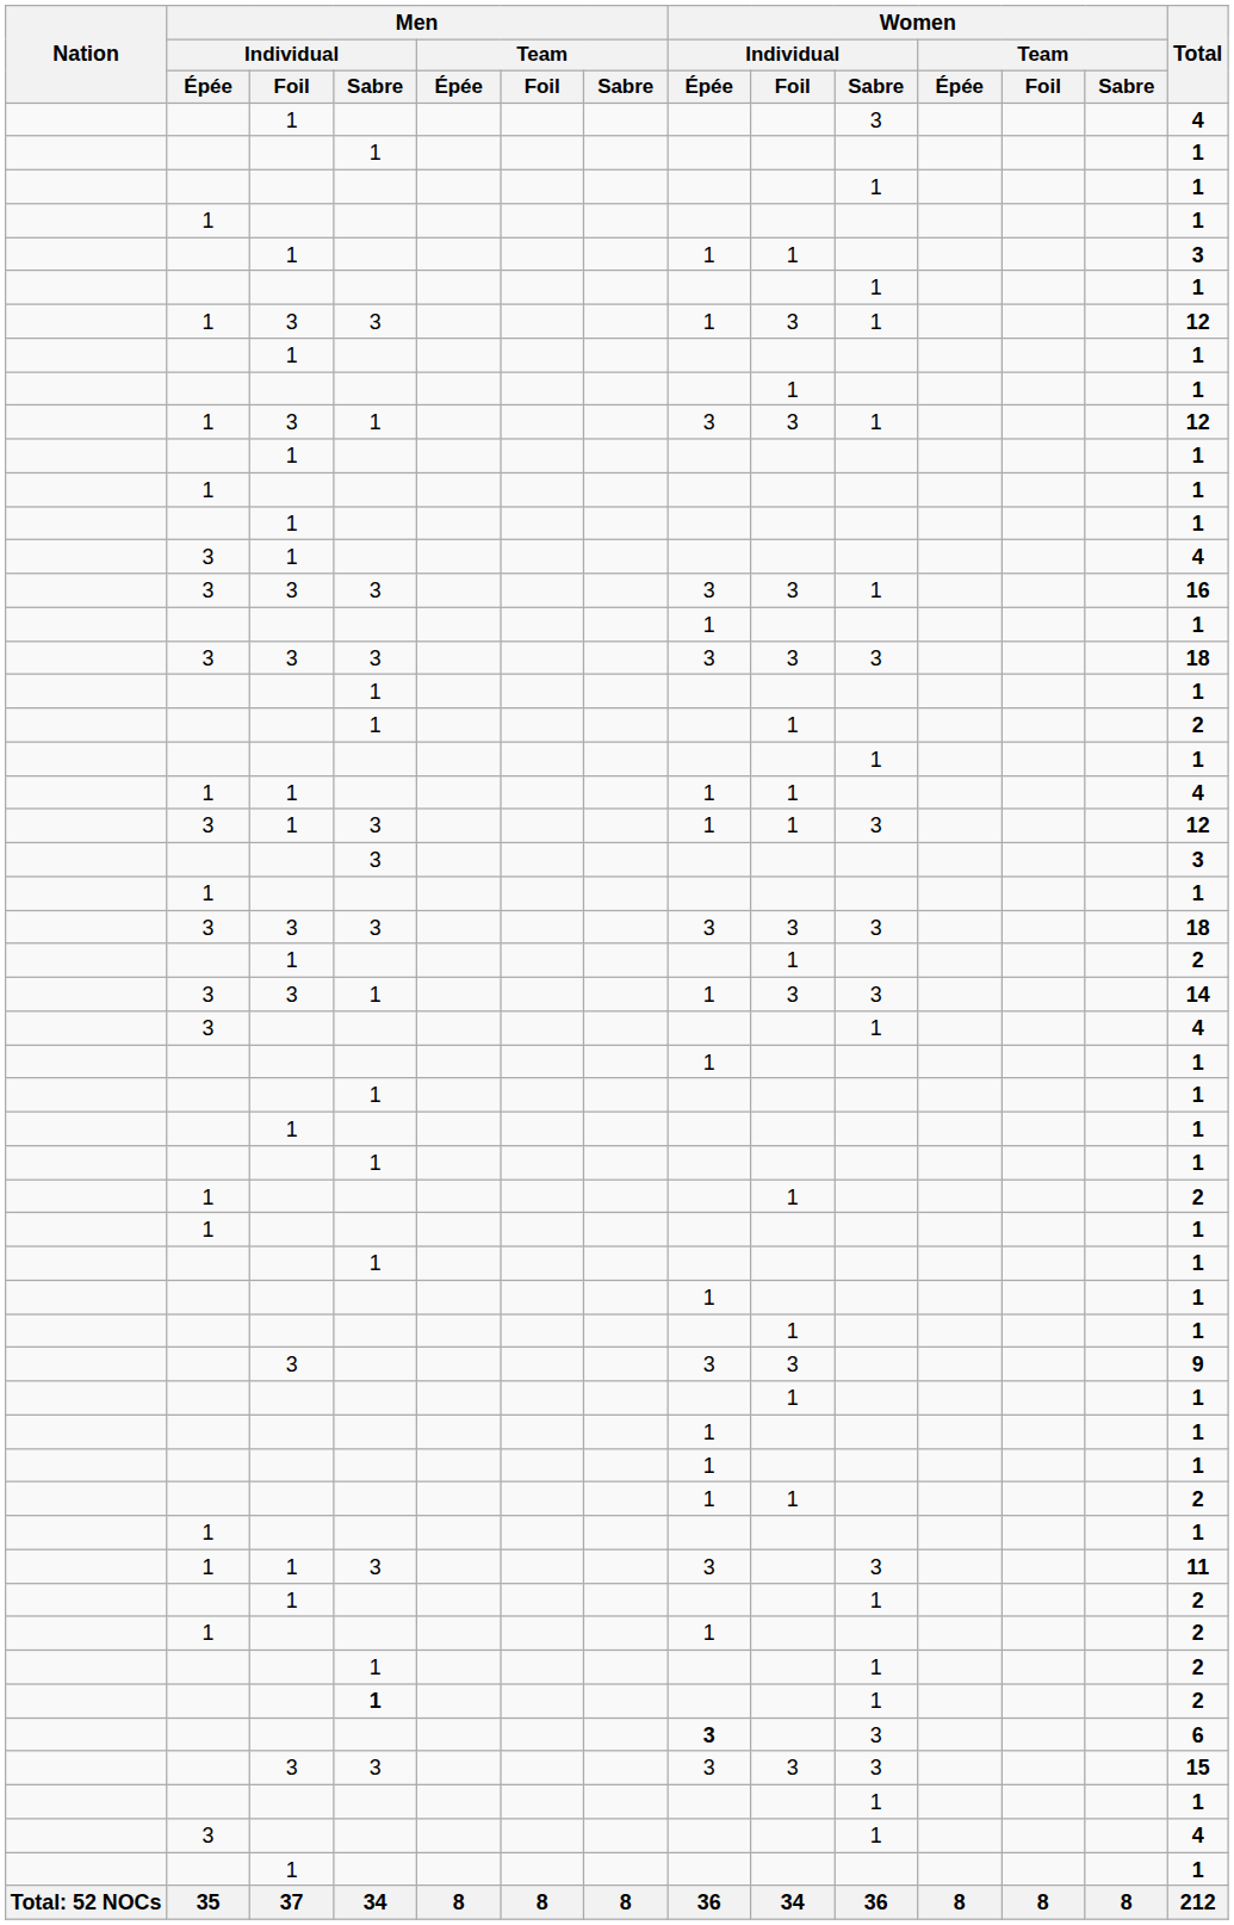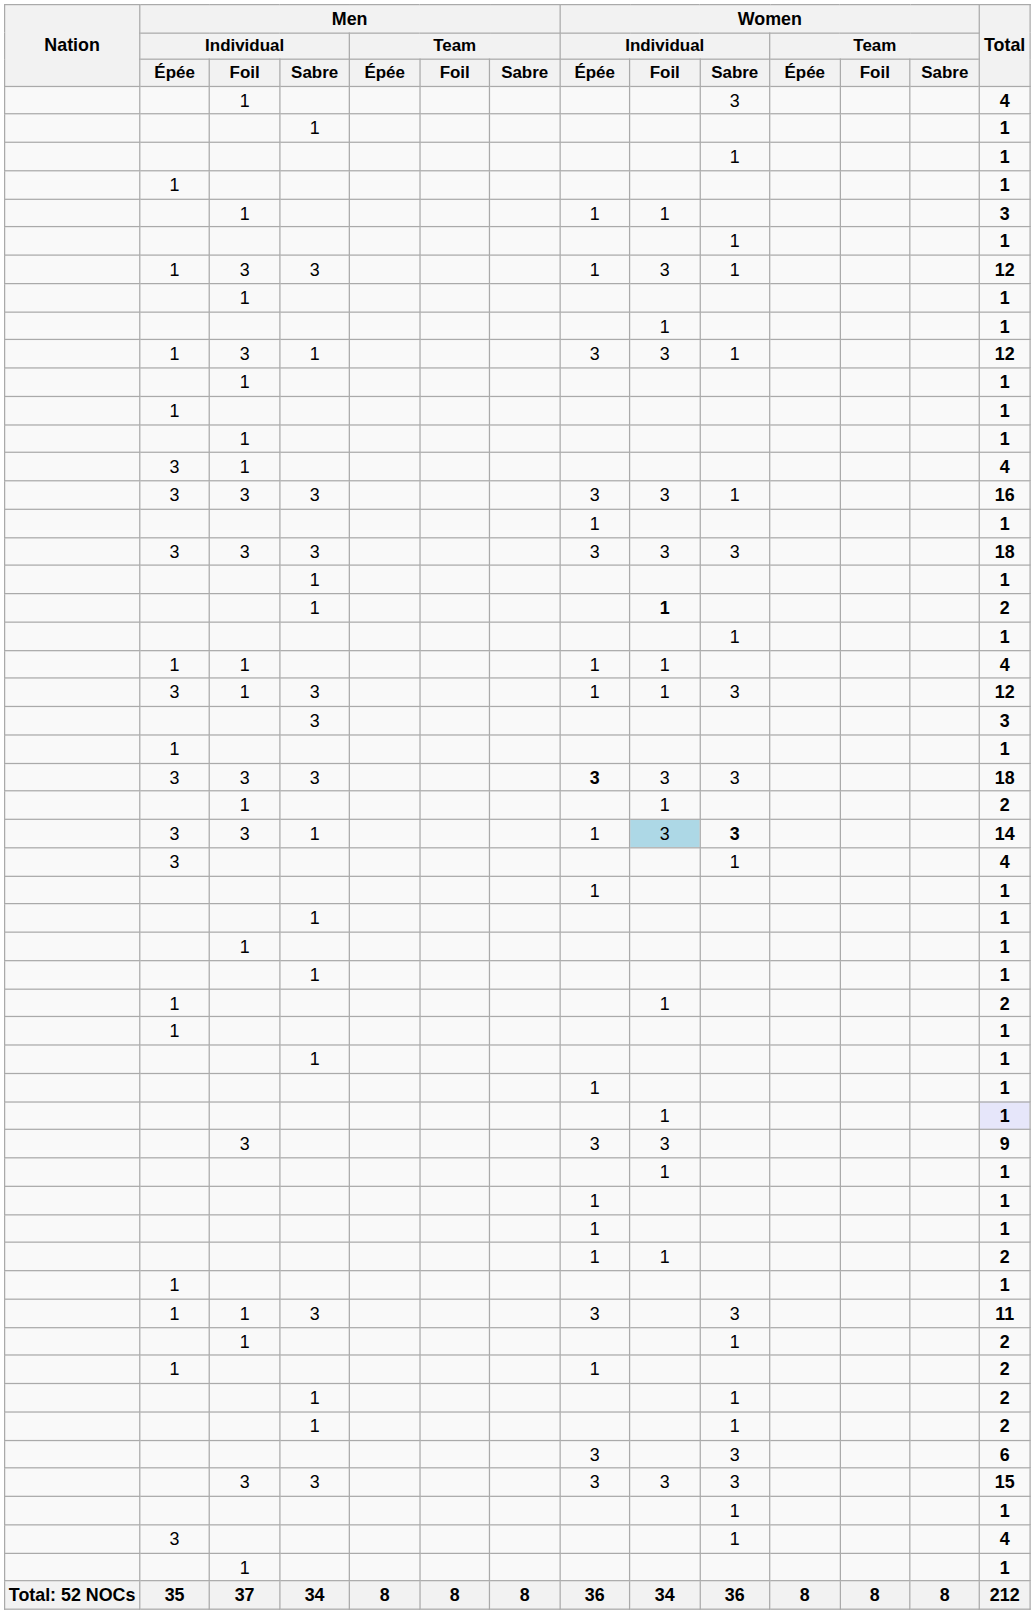 <table class="wikitable sortable"  style="text-align:center; font-size:90%;">
 <tr>
 <th rowspan="3">Nation</th>
 <th colspan="6">Men</th>
 <th colspan="6">Women</th>
 <th rowspan="3">Total</th>
 </tr>
 <tr style="font-size:95%">
 <th colspan=3>Individual</th>
 <th colspan=3>Team</th>
 <th colspan=3>Individual</th>
 <th colspan=3>Team</th>
 </tr>
 <tr style="font-size:95%">
 <th width=50>Épée</th>
 <th width=50>Foil</th>
 <th width=50>Sabre</th>
 <th width=50>Épée</th>
 <th width=50>Foil</th>
 <th width=50>Sabre</th>
 <th width=50>Épée</th>
 <th width=50>Foil</th>
 <th width=50>Sabre</th>
 <th width=50>Épée</th>
 <th width=50>Foil</th>
 <th width=50>Sabre</th>
 </tr>
 <tr>
 <td style="text-align:left;"></td>
 <td></td>
 <td>1</td>
 <td></td>
 <td></td>
 <td></td>
 <td></td>
 <td></td>
 <td></td>
 <td>3</td>
 <td></td>
 <td></td>
 <td></td>
 <td><strong>4</strong></td>
 </tr>
 <tr>
 <td style="text-align:left;"></td>
 <td></td>
 <td></td>
 <td>1</td>
 <td></td>
 <td></td>
 <td></td>
 <td></td>
 <td></td>
 <td></td>
 <td></td>
 <td></td>
 <td></td>
 <td><strong>1</strong></td>
 </tr>
 <tr>
 <td style="text-align:left;"></td>
 <td></td>
 <td></td>
 <td></td>
 <td></td>
 <td></td>
 <td></td>
 <td></td>
 <td></td>
 <td>1</td>
 <td></td>
 <td></td>
 <td></td>
 <td><strong>1</strong></td>
 </tr>
 <tr>
 <td style="text-align:left;"></td>
 <td>1</td>
 <td></td>
 <td></td>
 <td></td>
 <td></td>
 <td></td>
 <td></td>
 <td></td>
 <td></td>
 <td></td>
 <td></td>
 <td></td>
 <td><strong>1</strong></td>
 </tr>
 <tr>
 <td style="text-align:left;"></td>
 <td></td>
 <td>1</td>
 <td></td>
 <td></td>
 <td></td>
 <td></td>
 <td>1</td>
 <td>1</td>
 <td></td>
 <td></td>
 <td></td>
 <td></td>
 <td><strong>3</strong></td>
 </tr>
 <tr>
 <td style="text-align:left;"></td>
 <td></td>
 <td></td>
 <td></td>
 <td></td>
 <td></td>
 <td></td>
 <td></td>
 <td></td>
 <td>1</td>
 <td></td>
 <td></td>
 <td></td>
 <td><strong>1</strong></td>
 </tr>
 <tr>
 <td style="text-align:left;"></td>
 <td>1</td>
 <td>3</td>
 <td>3</td>
 <td></td>
 <td></td>
 <td></td>
 <td>1</td>
 <td>3</td>
 <td>1</td>
 <td></td>
 <td></td>
 <td></td>
 <td><strong>12</strong></td>
 </tr>
 <tr>
 <td style="text-align:left;"></td>
 <td></td>
 <td>1</td>
 <td></td>
 <td></td>
 <td></td>
 <td></td>
 <td></td>
 <td></td>
 <td></td>
 <td></td>
 <td></td>
 <td></td>
 <td><strong>1</strong></td>
 </tr>
 <tr>
 <td style="text-align:left;"></td>
 <td></td>
 <td></td>
 <td></td>
 <td></td>
 <td></td>
 <td></td>
 <td></td>
 <td>1</td>
 <td></td>
 <td></td>
 <td></td>
 <td></td>
 <td><strong>1</strong></td>
 </tr>
 <tr>
 <td style="text-align:left;"></td>
 <td>1</td>
 <td>3</td>
 <td>1</td>
 <td></td>
 <td></td>
 <td></td>
 <td>3</td>
 <td>3</td>
 <td>1</td>
 <td></td>
 <td></td>
 <td></td>
 <td><strong>12</strong></td>
 </tr>
 <tr>
 <td style="text-align:left;"></td>
 <td></td>
 <td>1</td>
 <td></td>
 <td></td>
 <td></td>
 <td></td>
 <td></td>
 <td></td>
 <td></td>
 <td></td>
 <td></td>
 <td></td>
 <td><strong>1</strong></td>
 </tr>
 <tr>
 <td style="text-align:left;"></td>
 <td>1</td>
 <td></td>
 <td></td>
 <td></td>
 <td></td>
 <td></td>
 <td></td>
 <td></td>
 <td></td>
 <td></td>
 <td></td>
 <td></td>
 <td><strong>1</strong></td>
 </tr>
 <tr>
 <td style="text-align:left;"></td>
 <td></td>
 <td>1</td>
 <td></td>
 <td></td>
 <td></td>
 <td></td>
 <td></td>
 <td></td>
 <td></td>
 <td></td>
 <td></td>
 <td></td>
 <td><strong>1</strong></td>
 </tr>
 <tr>
 <td style="text-align:left;"></td>
 <td>3</td>
 <td>1</td>
 <td></td>
 <td></td>
 <td></td>
 <td></td>
 <td></td>
 <td></td>
 <td></td>
 <td></td>
 <td></td>
 <td></td>
 <td><strong>4</strong></td>
 </tr>
 <tr>
 <td style="text-align:left;"></td>
 <td>3</td>
 <td>3</td>
 <td>3</td>
 <td></td>
 <td></td>
 <td></td>
 <td>3</td>
 <td>3</td>
 <td>1</td>
 <td></td>
 <td></td>
 <td></td>
 <td><strong>16</strong></td>
 </tr>
 <tr>
 <td style="text-align:left;"></td>
 <td></td>
 <td></td>
 <td></td>
 <td></td>
 <td></td>
 <td></td>
 <td>1</td>
 <td></td>
 <td></td>
 <td></td>
 <td></td>
 <td></td>
 <td><strong>1</strong></td>
 </tr>
 <tr>
 <td style="text-align:left;"></td>
 <td>3</td>
 <td>3</td>
 <td>3</td>
 <td></td>
 <td></td>
 <td></td>
 <td>3</td>
 <td>3</td>
 <td>3</td>
 <td></td>
 <td></td>
 <td></td>
 <td><strong>18</strong></td>
 </tr>
 <tr>
 <td style="text-align:left;"></td>
 <td></td>
 <td></td>
 <td>1</td>
 <td></td>
 <td></td>
 <td></td>
 <td></td>
 <td></td>
 <td></td>
 <td></td>
 <td></td>
 <td></td>
 <td><strong>1</strong></td>
 </tr>
 <tr>
 <td style="text-align:left;"></td>
 <td></td>
 <td></td>
 <td>1</td>
 <td></td>
 <td></td>
 <td></td>
 <td></td>
-<td>1</td>
+<td><strong>1</strong></td>
 <td></td>
 <td></td>
 <td></td>
 <td></td>
 <td><strong>2</strong></td>
 </tr>
 <tr>
 <td style="text-align:left;"></td>
 <td></td>
 <td></td>
 <td></td>
 <td></td>
 <td></td>
 <td></td>
 <td></td>
 <td></td>
 <td>1</td>
 <td></td>
 <td></td>
 <td></td>
 <td><strong>1</strong></td>
 </tr>
 <tr>
 <td style="text-align:left;"></td>
 <td>1</td>
 <td>1</td>
 <td></td>
 <td></td>
 <td></td>
 <td></td>
 <td>1</td>
 <td>1</td>
 <td></td>
 <td></td>
 <td></td>
 <td></td>
 <td><strong>4</strong></td>
 </tr>
 <tr>
 <td style="text-align:left;"></td>
 <td>3</td>
 <td>1</td>
 <td>3</td>
 <td></td>
 <td></td>
 <td></td>
 <td>1</td>
 <td>1</td>
 <td>3</td>
 <td></td>
 <td></td>
 <td></td>
 <td><strong>12</strong></td>
 </tr>
 <tr>
 <td style="text-align:left;"></td>
 <td></td>
 <td></td>
 <td>3</td>
 <td></td>
 <td></td>
 <td></td>
 <td></td>
 <td></td>
 <td></td>
 <td></td>
 <td></td>
 <td></td>
 <td><strong>3</strong></td>
 </tr>
 <tr>
 <td style="text-align:left;"></td>
 <td>1</td>
 <td></td>
 <td></td>
 <td></td>
 <td></td>
 <td></td>
 <td></td>
 <td></td>
 <td></td>
 <td></td>
 <td></td>
 <td></td>
 <td><strong>1</strong></td>
 </tr>
 <tr>
 <td style="text-align:left;"></td>
 <td>3</td>
 <td>3</td>
 <td>3</td>
 <td></td>
 <td></td>
 <td></td>
-<td>3</td>
+<td><strong>3</strong></td>
 <td>3</td>
 <td>3</td>
 <td></td>
 <td></td>
 <td></td>
 <td><strong>18</strong></td>
 </tr>
 <tr>
 <td style="text-align:left;"></td>
 <td></td>
 <td>1</td>
 <td></td>
 <td></td>
 <td></td>
 <td></td>
 <td></td>
 <td>1</td>
 <td></td>
 <td></td>
 <td></td>
 <td></td>
 <td><strong>2</strong></td>
 </tr>
 <tr>
 <td style="text-align:left;"></td>
 <td>3</td>
 <td>3</td>
 <td>1</td>
 <td></td>
 <td></td>
 <td></td>
 <td>1</td>
-<td>3</td>
-<td>3</td>
+<td style="background: lightblue;">3</td>
+<td><strong>3</strong></td>
 <td></td>
 <td></td>
 <td></td>
 <td><strong>14</strong></td>
 </tr>
 <tr>
 <td style="text-align:left;"></td>
 <td>3</td>
 <td></td>
 <td></td>
 <td></td>
 <td></td>
 <td></td>
 <td></td>
 <td></td>
 <td>1</td>
 <td></td>
 <td></td>
 <td></td>
 <td><strong>4</strong></td>
 </tr>
 <tr>
 <td style="text-align:left;"></td>
 <td></td>
 <td></td>
 <td></td>
 <td></td>
 <td></td>
 <td></td>
 <td>1</td>
 <td></td>
 <td></td>
 <td></td>
 <td></td>
 <td></td>
 <td><strong>1</strong></td>
 </tr>
 <tr>
 <td style="text-align:left;"></td>
 <td></td>
 <td></td>
 <td>1</td>
 <td></td>
 <td></td>
 <td></td>
 <td></td>
 <td></td>
 <td></td>
 <td></td>
 <td></td>
 <td></td>
 <td><strong>1</strong></td>
 </tr>
 <tr>
 <td style="text-align:left;"></td>
 <td></td>
 <td>1</td>
 <td></td>
 <td></td>
 <td></td>
 <td></td>
 <td></td>
 <td></td>
 <td></td>
 <td></td>
 <td></td>
 <td></td>
 <td><strong>1</strong></td>
 </tr>
 <tr>
 <td style="text-align:left;"></td>
 <td></td>
 <td></td>
 <td>1</td>
 <td></td>
 <td></td>
 <td></td>
 <td></td>
 <td></td>
 <td></td>
 <td></td>
 <td></td>
 <td></td>
 <td><strong>1</strong></td>
 </tr>
 <tr>
 <td style="text-align:left;"></td>
 <td>1</td>
 <td></td>
 <td></td>
 <td></td>
 <td></td>
 <td></td>
 <td></td>
 <td>1</td>
 <td></td>
 <td></td>
 <td></td>
 <td></td>
 <td><strong>2</strong></td>
 </tr>
 <tr>
 <td style="text-align:left;"></td>
 <td>1</td>
 <td></td>
 <td></td>
 <td></td>
 <td></td>
 <td></td>
 <td></td>
 <td></td>
 <td></td>
 <td></td>
 <td></td>
 <td></td>
 <td><strong>1</strong></td>
 </tr>
 <tr>
 <td style="text-align:left;"></td>
 <td></td>
 <td></td>
 <td>1</td>
 <td></td>
 <td></td>
 <td></td>
 <td></td>
 <td></td>
 <td></td>
 <td></td>
 <td></td>
 <td></td>
 <td><strong>1</strong></td>
 </tr>
 <tr>
 <td style="text-align:left;"></td>
 <td></td>
 <td></td>
 <td></td>
 <td></td>
 <td></td>
 <td></td>
 <td>1</td>
 <td></td>
 <td></td>
 <td></td>
 <td></td>
 <td></td>
 <td><strong>1</strong></td>
 </tr>
 <tr>
 <td style="text-align:left;"></td>
 <td></td>
 <td></td>
 <td></td>
 <td></td>
 <td></td>
 <td></td>
 <td></td>
 <td>1</td>
 <td></td>
 <td></td>
 <td></td>
 <td></td>
-<td><strong>1</strong></td>
+<td style="background: lavender;"><strong>1</strong></td>
 </tr>
 <tr>
 <td style="text-align:left;"></td>
 <td></td>
 <td>3</td>
 <td></td>
 <td></td>
 <td></td>
 <td></td>
 <td>3</td>
 <td>3</td>
 <td></td>
 <td></td>
 <td></td>
 <td></td>
 <td><strong>9</strong></td>
 </tr>
 <tr>
 <td style="text-align:left;"></td>
 <td></td>
 <td></td>
 <td></td>
 <td></td>
 <td></td>
 <td></td>
 <td></td>
 <td>1</td>
 <td></td>
 <td></td>
 <td></td>
 <td></td>
 <td><strong>1</strong></td>
 </tr>
 <tr>
 <td style="text-align:left;"></td>
 <td></td>
 <td></td>
 <td></td>
 <td></td>
 <td></td>
 <td></td>
 <td>1</td>
 <td></td>
 <td></td>
 <td></td>
 <td></td>
 <td></td>
 <td><strong>1</strong></td>
 </tr>
 <tr>
 <td style="text-align:left;"></td>
 <td></td>
 <td></td>
 <td></td>
 <td></td>
 <td></td>
 <td></td>
 <td>1</td>
 <td></td>
 <td></td>
 <td></td>
 <td></td>
 <td></td>
 <td><strong>1</strong></td>
 </tr>
 <tr>
 <td style="text-align:left;"></td>
 <td></td>
 <td></td>
 <td></td>
 <td></td>
 <td></td>
 <td></td>
 <td>1</td>
 <td>1</td>
 <td></td>
 <td></td>
 <td></td>
 <td></td>
 <td><strong>2</strong></td>
 </tr>
 <tr>
 <td style="text-align:left;"></td>
 <td>1</td>
 <td></td>
 <td></td>
 <td></td>
 <td></td>
 <td></td>
 <td></td>
 <td></td>
 <td></td>
 <td></td>
 <td></td>
 <td></td>
 <td><strong>1</strong></td>
 </tr>
 <tr>
 <td style="text-align:left;"></td>
 <td>1</td>
 <td>1</td>
 <td>3</td>
 <td></td>
 <td></td>
 <td></td>
 <td>3</td>
 <td></td>
 <td>3</td>
 <td></td>
 <td></td>
 <td></td>
 <td><strong>11</strong></td>
 </tr>
 <tr>
 <td style="text-align:left;"></td>
 <td></td>
 <td>1</td>
 <td></td>
 <td></td>
 <td></td>
 <td></td>
 <td></td>
 <td></td>
 <td>1</td>
 <td></td>
 <td></td>
 <td></td>
 <td><strong>2</strong></td>
 </tr>
 <tr>
 <td style="text-align:left;"></td>
 <td>1</td>
 <td></td>
 <td></td>
 <td></td>
 <td></td>
 <td></td>
 <td>1</td>
 <td></td>
 <td></td>
 <td></td>
 <td></td>
 <td></td>
 <td><strong>2</strong></td>
 </tr>
 <tr>
 <td style="text-align:left;"></td>
 <td></td>
 <td></td>
 <td>1</td>
 <td></td>
 <td></td>
 <td></td>
 <td></td>
 <td></td>
 <td>1</td>
 <td></td>
 <td></td>
 <td></td>
 <td><strong>2</strong></td>
 </tr>
 <tr>
 <td style="text-align:left;"></td>
 <td></td>
 <td></td>
-<td><strong>1</strong></td>
+<td>1</td>
 <td></td>
 <td></td>
 <td></td>
 <td></td>
 <td></td>
 <td>1</td>
 <td></td>
 <td></td>
 <td></td>
 <td><strong>2</strong></td>
 </tr>
 <tr>
 <td style="text-align:left;"></td>
 <td></td>
 <td></td>
 <td></td>
 <td></td>
 <td></td>
 <td></td>
-<td><strong>3</strong></td>
+<td>3</td>
 <td></td>
 <td>3</td>
 <td></td>
 <td></td>
 <td></td>
 <td><strong>6</strong></td>
 </tr>
 <tr>
 <td style="text-align:left;"></td>
 <td></td>
 <td>3</td>
 <td>3</td>
 <td></td>
 <td></td>
 <td></td>
 <td>3</td>
 <td>3</td>
 <td>3</td>
 <td></td>
 <td></td>
 <td></td>
 <td><strong>15</strong></td>
 </tr>
 <tr>
 <td style="text-align:left;"></td>
 <td></td>
 <td></td>
 <td></td>
 <td></td>
 <td></td>
 <td></td>
 <td></td>
 <td></td>
 <td>1</td>
 <td></td>
 <td></td>
 <td></td>
 <td><strong>1</strong></td>
 </tr>
 <tr>
 <td style="text-align:left;"></td>
 <td>3</td>
 <td></td>
 <td></td>
 <td></td>
 <td></td>
 <td></td>
 <td></td>
 <td></td>
 <td>1</td>
 <td></td>
 <td></td>
 <td></td>
 <td><strong>4</strong></td>
 </tr>
 <tr>
 <td style="text-align:left;"></td>
 <td></td>
 <td>1</td>
 <td></td>
 <td></td>
 <td></td>
 <td></td>
 <td></td>
 <td></td>
 <td></td>
 <td></td>
 <td></td>
 <td></td>
 <td><strong>1</strong></td>
 </tr>
 <tr>
 <th>Total: 52 NOCs</th>
 <th>35</th>
 <th>37</th>
 <th>34</th>
 <th>8</th>
 <th>8</th>
 <th>8</th>
 <th>36</th>
 <th>34</th>
 <th>36</th>
 <th>8</th>
 <th>8</th>
 <th>8</th>
 <th><strong>212</strong></th>
 </tr>
 </table>
